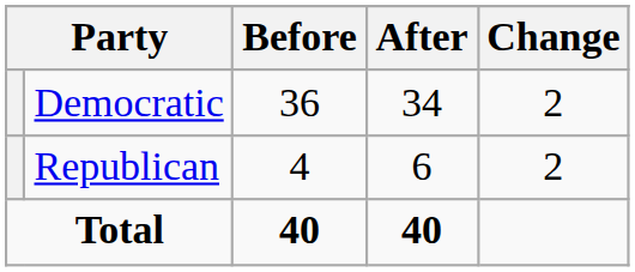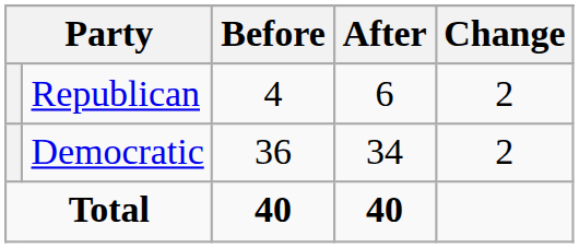 <table class="wikitable" style="text-align:center;">
 <tr>
 </tr>
 <tr>
 <th colspan=2>Party</th>
 <th>Before</th>
 <th>After</th>
 <th>Change</th>
 </tr>
 <tr>
 <th style="background-color:"></th>
-<td style="text-align:left;"><a href='#'>Democratic</a></td>
-<td>36</td>
-<td>34</td>
+<td style="text-align:left;"><a href='#'>Republican</a></td>
+<td>4</td>
+<td>6</td>
 <td> 2</td>
 </tr>
 <tr>
 <th style="background-color:"></th>
-<td style="text-align:left;"><a href='#'>Republican</a></td>
-<td>4</td>
-<td>6</td>
+<td style="text-align:left;"><a href='#'>Democratic</a></td>
+<td>36</td>
+<td>34</td>
 <td> 2</td>
 </tr>
 <tr>
 <td colspan=2><strong>Total</strong></td>
 <td><strong>40</strong></td>
 <td><strong>40</strong></td>
 <td></td>
 </tr>
 </table>
